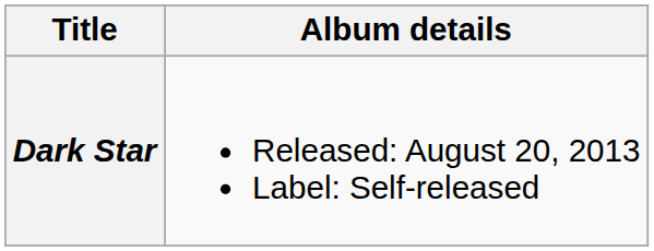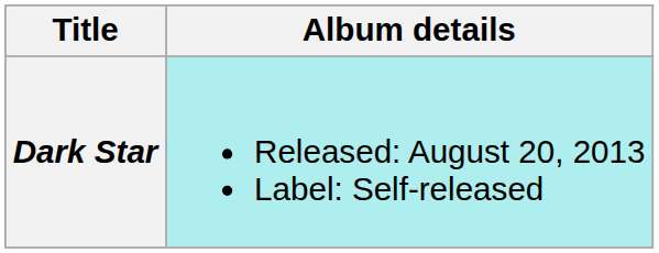 <table class ="wikitable plainrowheaders">
 <tr>
 <th>Title</th>
 <th>Album details</th>
 </tr>
 <tr>
 <th scope="row"><em>Dark Star</em></th>
-<td><br><ul><li>Released: August 20, 2013</li><li>Label: Self-released</li></ul></td>
+<td style="background: paleturquoise;"><br><ul><li>Released: August 20, 2013</li><li>Label: Self-released</li></ul></td>
 </tr>
 </table>
